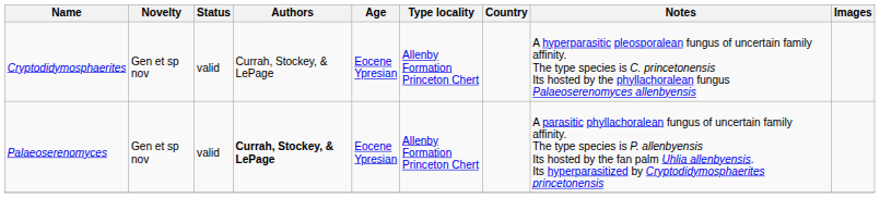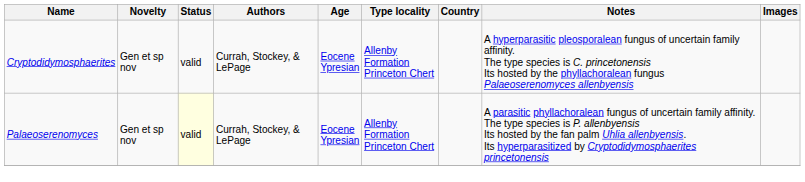 <table class="wikitable sortable" align="center" width="100%">
 <tr>
 <th>Name</th>
 <th>Novelty</th>
 <th>Status</th>
 <th>Authors</th>
 <th>Age</th>
 <th>Type locality</th>
 <th>Country</th>
 <th>Notes</th>
 <th>Images</th>
 </tr>
 <tr>
 <td><br><em><a href='#'>Cryptodidymosphaerites</a></em></td>
 <td><br>Gen et sp nov</td>
 <td><br>valid</td>
 <td><br>Currah, Stockey, & LePage</td>
 <td><br><a href='#'>Eocene</a><br><a href='#'>Ypresian</a></td>
 <td><br><a href='#'>Allenby Formation</a><br><a href='#'>Princeton Chert</a></td>
 <td><br><br></td>
 <td><br>A <a href='#'>hyperparasitic</a> <a href='#'>pleosporalean</a> fungus of uncertain family affinity.<br> The type species is <em>C. princetonensis</em><br> Its hosted by the <a href='#'>phyllachoralean</a> fungus <em><a href='#'>Palaeoserenomyces allenbyensis</a></em></td>
 <td></td>
 </tr>
 <tr>
 <td><br><em><a href='#'>Palaeoserenomyces</a></em></td>
 <td><br>Gen et sp nov</td>
-<td><br>valid</td>
-<td><strong><br>Currah, Stockey, & LePage</strong></td>
+<td style="background: lightyellow;"><br>valid</td>
+<td><br>Currah, Stockey, & LePage</td>
 <td><br><a href='#'>Eocene</a><br><a href='#'>Ypresian</a></td>
 <td><br><a href='#'>Allenby Formation</a><br><a href='#'>Princeton Chert</a></td>
 <td><br><br></td>
 <td><br>A <a href='#'>parasitic</a> <a href='#'>phyllachoralean</a> fungus of uncertain family affinity.<br> The type species is <em>P. allenbyensis</em><br> Its hosted by the fan palm <em><a href='#'>Uhlia allenbyensis</a></em>.<br> Its <a href='#'>hyperparasitized</a> by <em><a href='#'>Cryptodidymosphaerites princetonensis</a></em></td>
 <td></td>
 </tr>
 <tr>
 </tr>
 </table>
